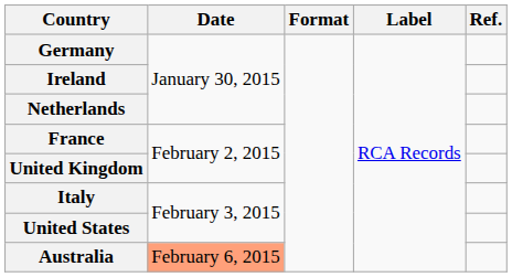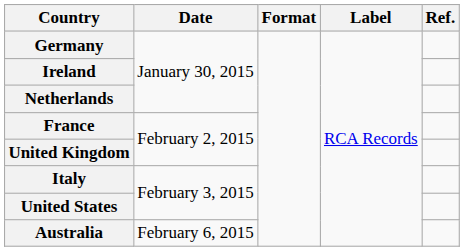 <table class="wikitable plainrowheaders">
 <tr>
 <th scope="col">Country</th>
 <th scope="col">Date</th>
 <th scope="col">Format</th>
 <th scope="col">Label</th>
 <th scope="col">Ref.</th>
 </tr>
 <tr>
 <th scope="row">Germany</th>
 <td rowspan="3">January 30, 2015</td>
 <td rowspan="8"></td>
 <td rowspan="8"><a href='#'>RCA Records</a></td>
 <td></td>
 </tr>
 <tr>
 <th scope="row">Ireland</th>
 <td></td>
 </tr>
 <tr>
 <th scope="row">Netherlands</th>
 <td></td>
 </tr>
 <tr>
 <th scope="row">France</th>
 <td rowspan="2">February 2, 2015</td>
 <td></td>
 </tr>
 <tr>
 <th scope="row">United Kingdom</th>
 <td></td>
 </tr>
 <tr>
 <th scope="row">Italy</th>
 <td rowspan="2">February 3, 2015</td>
 <td></td>
 </tr>
 <tr>
 <th scope="row">United States</th>
 <td></td>
 </tr>
 <tr>
 <th scope="row">Australia</th>
-<td style="background: lightsalmon;">February 6, 2015</td>
+<td>February 6, 2015</td>
 <td></td>
 </tr>
 </table>
